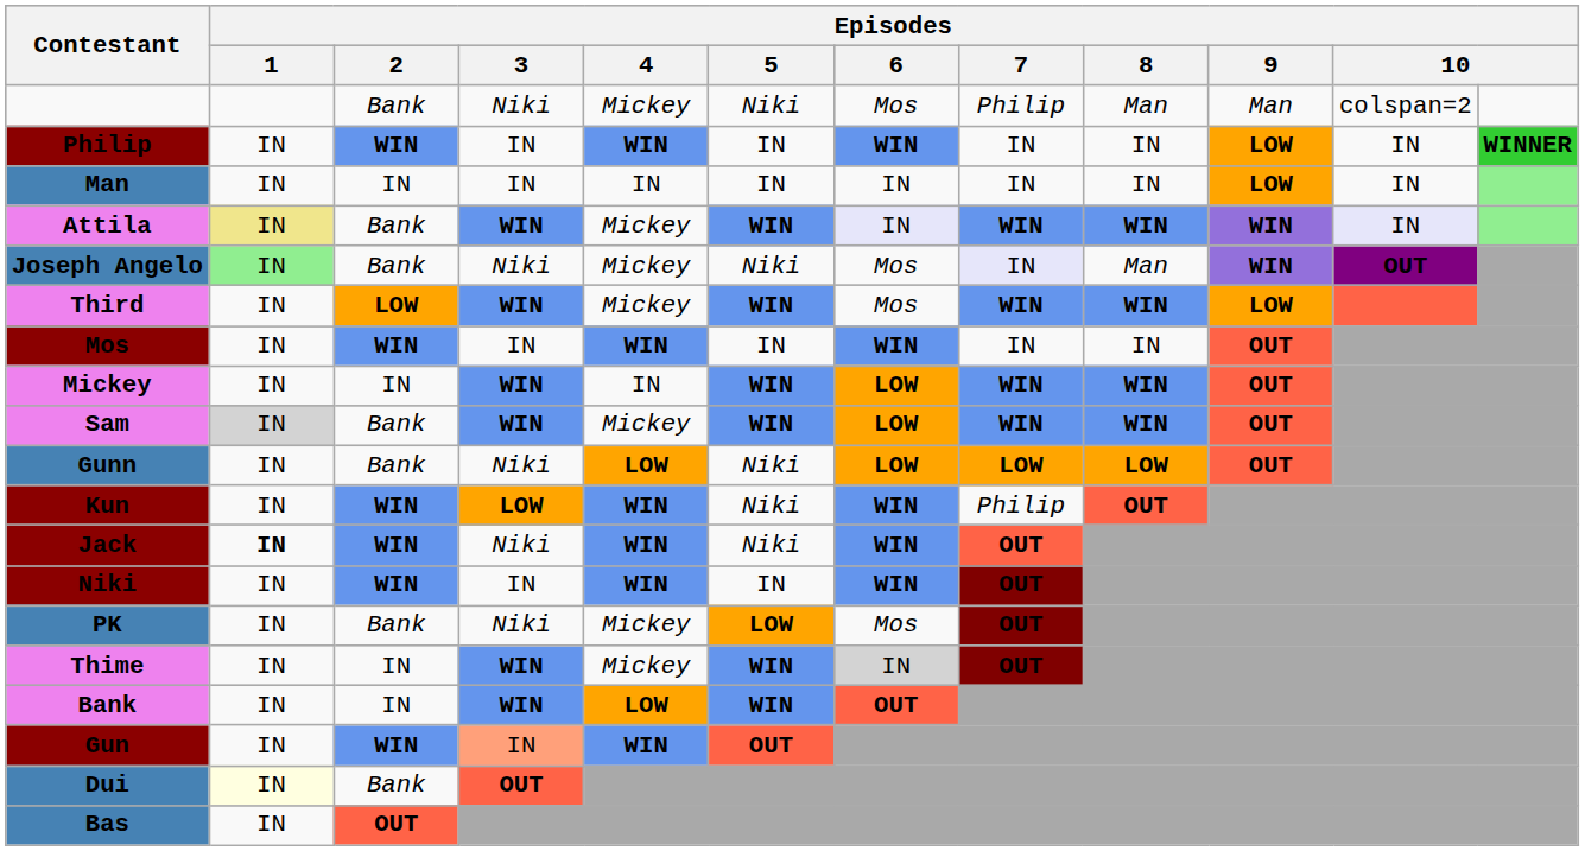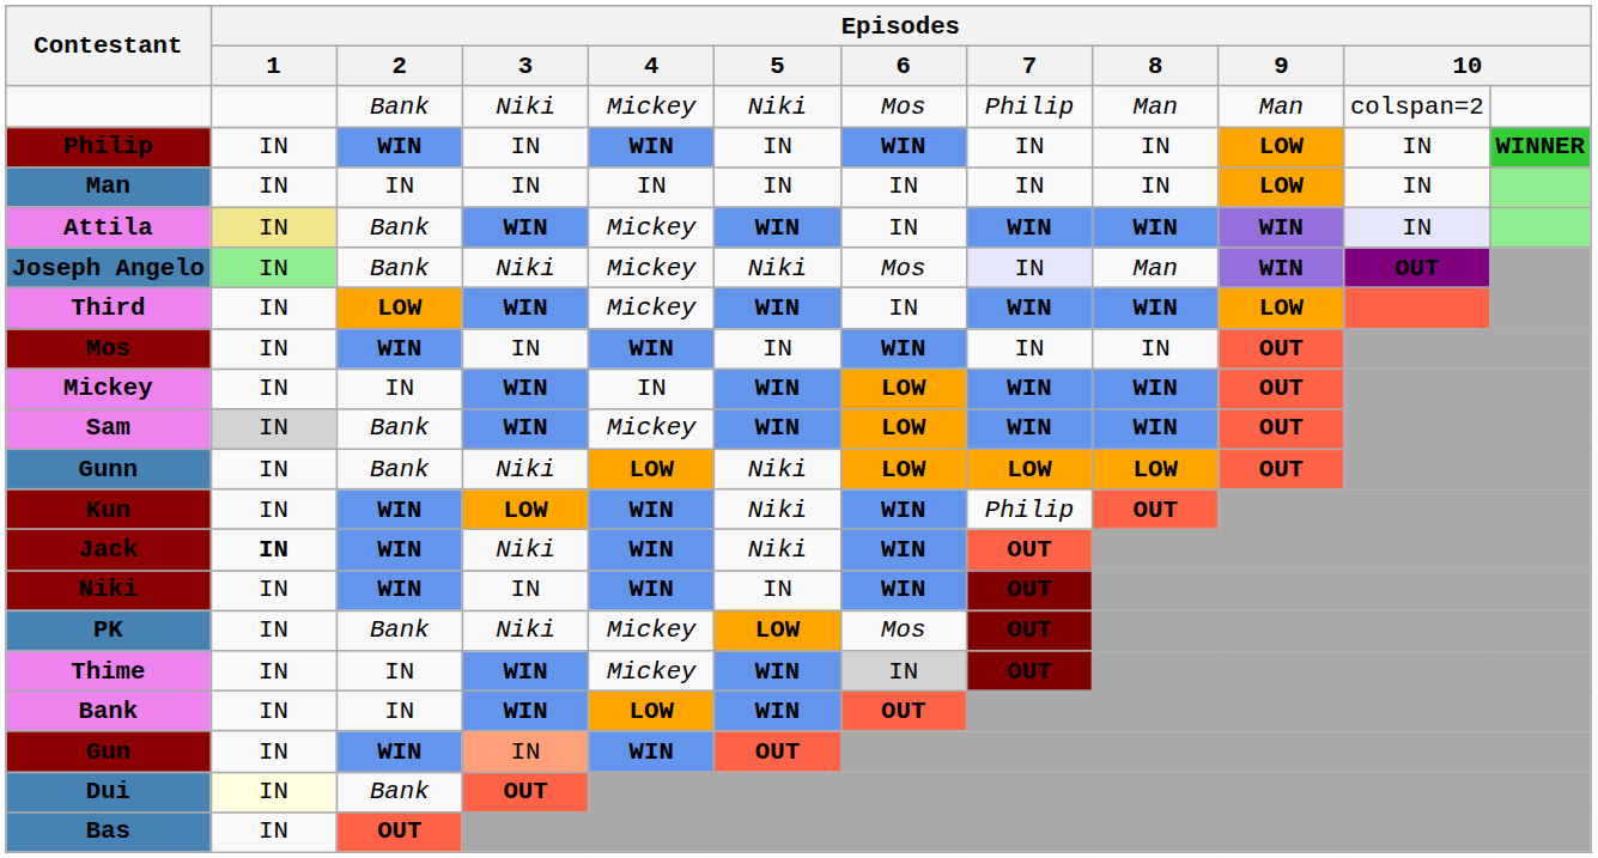 <table class="wikitable" style="text-align:center;">
 <tr>
 <th rowspan=2>Contestant</th>
 <th colspan=11>Episodes</th>
 </tr>
 <tr>
 <th style="width:60px;">1</th>
 <th style="width:60px;">2</th>
 <th style="width:60px;">3</th>
 <th style="width:60px;">4</th>
 <th style="width:60px;">5</th>
 <th style="width:60px;">6</th>
 <th style="width:60px;">7</th>
 <th style="width:60px;">8</th>
 <th style="width:60px;">9</th>
 <th colspan=2>10</th>
 </tr>
 <tr>
 <td></td>
 <td></td>
 <td><em>Bank</em></td>
 <td><em>Niki</em></td>
 <td><em>Mickey</em></td>
 <td><em>Niki</em></td>
 <td><em>Mos</em></td>
 <td><em>Philip</em></td>
 <td><em>Man</em></td>
 <td><em>Man</em></td>
 <td>colspan=2 </td>
 </tr>
 <tr>
 <td style="background:darkred;"><span> <strong>Philip</strong></span></td>
 <td>IN</td>
 <td style="background:cornflowerblue;"><strong>WIN</strong></td>
 <td>IN</td>
 <td style="background:cornflowerblue;"><strong>WIN</strong></td>
 <td>IN</td>
 <td style="background:cornflowerblue;"><strong>WIN</strong></td>
 <td>IN</td>
 <td>IN</td>
 <td style="background:orange;"><strong>LOW</strong></td>
 <td width="60">IN</td>
 <td style="background:limegreen;"><strong>WINNER</strong></td>
 </tr>
 <tr>
 <td style="background:steelblue;"><span> <strong>Man</strong></span></td>
 <td>IN</td>
 <td>IN</td>
 <td>IN</td>
 <td>IN</td>
 <td>IN</td>
 <td>IN</td>
 <td>IN</td>
 <td>IN</td>
 <td style="background:orange;"><strong>LOW</strong></td>
 <td>IN</td>
 <td style="background:lightgreen;"></td>
 </tr>
 <tr>
 <td style="background:violet;"><strong>Attila</strong></td>
 <td style="background: khaki;">IN</td>
 <td><em>Bank</em></td>
 <td style="background:cornflowerblue;"><strong>WIN</strong></td>
 <td><em>Mickey</em></td>
 <td style="background:cornflowerblue;"><strong>WIN</strong></td>
-<td style="background: lavender;">IN</td>
+<td>IN</td>
 <td style="background:cornflowerblue;"><strong>WIN</strong></td>
 <td style="background:cornflowerblue;"><strong>WIN</strong></td>
 <td style="background:mediumpurple;"><strong>WIN</strong></td>
 <td style="background: lavender;">IN</td>
 <td style="background:lightgreen;"></td>
 </tr>
 <tr>
 <td style="background:steelblue;"><span> <strong>Joseph Angelo</strong></span></td>
 <td style="background: lightgreen;">IN</td>
 <td><em>Bank</em></td>
 <td><em>Niki</em></td>
 <td><em>Mickey</em></td>
 <td><em>Niki</em></td>
 <td><em>Mos</em></td>
 <td style="background: lavender;">IN</td>
 <td><em>Man</em></td>
 <td style="background:mediumpurple;"><strong>WIN</strong></td>
 <td style="background:purple;"><span><strong>OUT</strong></span></td>
 <td colspan="6" style="background:darkgrey;"></td>
 </tr>
 <tr>
 <td style="background:violet;"><strong>Third</strong></td>
 <td>IN</td>
 <td style="background:orange;"><strong>LOW</strong></td>
 <td style="background:cornflowerblue;"><strong>WIN</strong></td>
 <td><em>Mickey</em></td>
 <td style="background:cornflowerblue;"><strong>WIN</strong></td>
-<td><em>Mos</em></td>
+<td>IN</td>
 <td style="background:cornflowerblue;"><strong>WIN</strong></td>
 <td style="background:cornflowerblue;"><strong>WIN</strong></td>
 <td style="background:orange;"><strong>LOW</strong></td>
 <td style="background:tomato;"><strong></strong></td>
 <td colspan="6" style="background:darkgrey;"></td>
 </tr>
 <tr>
 <td style="background:darkred;"><span> <strong>Mos</strong></span></td>
 <td>IN</td>
 <td style="background:cornflowerblue;"><strong>WIN</strong></td>
 <td>IN</td>
 <td style="background:cornflowerblue;"><strong>WIN</strong></td>
 <td>IN</td>
 <td style="background:cornflowerblue;"><strong>WIN</strong></td>
 <td>IN</td>
 <td>IN</td>
 <td style="background:tomato;"><strong>OUT</strong></td>
 <td style="background:darkgrey;" colspan=4></td>
 </tr>
 <tr>
 <td style="background:violet;"><strong>Mickey</strong></td>
 <td>IN</td>
 <td>IN</td>
 <td style="background:cornflowerblue;"><strong>WIN</strong></td>
 <td>IN</td>
 <td style="background:cornflowerblue;"><strong>WIN</strong></td>
 <td style="background:orange;"><strong>LOW</strong></td>
 <td style="background:cornflowerblue;"><strong>WIN</strong></td>
 <td style="background:cornflowerblue;"><strong>WIN</strong></td>
 <td style="background:tomato;"><strong>OUT</strong></td>
 <td style="background:darkgrey;" colspan=4></td>
 </tr>
 <tr>
 <td style="background:violet;"><strong>Sam</strong></td>
 <td style="background: lightgrey;">IN</td>
 <td><em>Bank</em></td>
 <td style="background:cornflowerblue;"><strong>WIN</strong></td>
 <td><em>Mickey</em></td>
 <td style="background:cornflowerblue;"><strong>WIN</strong></td>
 <td style="background:orange;"><strong>LOW</strong></td>
 <td style="background:cornflowerblue;"><strong>WIN</strong></td>
 <td style="background:cornflowerblue;"><strong>WIN</strong></td>
 <td style="background:tomato;"><strong>OUT</strong></td>
 <td style="background:darkgrey;" colspan=4></td>
 </tr>
 <tr>
 <td style="background:steelblue;"><span><strong>Gunn</strong></span></td>
 <td>IN</td>
 <td><em>Bank</em></td>
 <td><em>Niki</em></td>
 <td style="background:orange;"><strong>LOW</strong></td>
 <td><em>Niki</em></td>
 <td style="background:orange;"><strong>LOW</strong></td>
 <td style="background:orange;"><strong>LOW</strong></td>
 <td style="background:orange;"><strong>LOW</strong></td>
 <td style="background:tomato;"><strong>OUT</strong></td>
 <td style="background:darkgrey;" colspan=4></td>
 </tr>
 <tr>
 <td style="background:darkred;"><span> <strong>Kun</strong></span></td>
 <td>IN</td>
 <td style="background:cornflowerblue;"><strong>WIN</strong></td>
 <td style="background:orange;"><strong>LOW</strong></td>
 <td style="background:cornflowerblue;"><strong>WIN</strong></td>
 <td><em>Niki</em></td>
 <td style="background:cornflowerblue;"><strong>WIN</strong></td>
 <td><em>Philip</em></td>
 <td style="background:tomato;"><strong>OUT</strong></td>
 <td style="background:darkgrey;" colspan=3></td>
 </tr>
 <tr>
 <td style="background:darkred;"><span> <strong>Jack</strong></span></td>
 <td><strong>IN</strong></td>
 <td style="background:cornflowerblue;"><strong>WIN</strong></td>
 <td><em>Niki</em></td>
 <td style="background:cornflowerblue;"><strong>WIN</strong></td>
 <td><em>Niki</em></td>
 <td style="background:cornflowerblue;"><strong>WIN</strong></td>
 <td style="background:tomato;"><strong>OUT</strong></td>
 <td style="background:darkgrey;" colspan=4></td>
 </tr>
 <tr>
 <td style="background:darkred;"><span> <strong>Niki</strong></span></td>
 <td>IN</td>
 <td style="background:cornflowerblue;"><strong>WIN</strong></td>
 <td>IN</td>
 <td style="background:cornflowerblue;"><strong>WIN</strong></td>
 <td>IN</td>
 <td style="background:cornflowerblue;"><strong>WIN</strong></td>
 <td style="background:maroon;"><span><strong>OUT</strong></span></td>
 <td style="background:darkgrey;" colspan=4></td>
 </tr>
 <tr>
 <td style="background:steelblue;"><span><strong>PK</strong></span></td>
 <td>IN</td>
 <td><em>Bank</em></td>
 <td><em>Niki</em></td>
 <td><em>Mickey</em></td>
 <td style="background:orange;"><strong>LOW</strong></td>
 <td><em>Mos</em></td>
 <td style="background:maroon;"><span><strong>OUT</strong></span></td>
 <td style="background:darkgrey;" colspan=4></td>
 </tr>
 <tr>
 <td style="background:violet;"><strong>Thime</strong></td>
 <td>IN</td>
 <td>IN</td>
 <td style="background:cornflowerblue;"><strong>WIN</strong></td>
 <td><em>Mickey</em></td>
 <td style="background:cornflowerblue;"><strong>WIN</strong></td>
 <td style="background: lightgrey;">IN</td>
 <td style="background:maroon;"><span><strong>OUT</strong></span></td>
 <td style="background:darkgrey;" colspan=4></td>
 </tr>
 <tr>
 <td style="background:violet;"><strong>Bank</strong></td>
 <td>IN</td>
 <td>IN</td>
 <td style="background:cornflowerblue;"><strong>WIN</strong></td>
 <td style="background:orange;"><strong>LOW</strong></td>
 <td style="background:cornflowerblue;"><strong>WIN</strong></td>
 <td style="background:tomato;"><strong>OUT</strong></td>
 <td style="background:darkgrey;" colspan=5></td>
 </tr>
 <tr>
 <td style="background:darkred;"><span> <strong>Gun</strong></span></td>
 <td>IN</td>
 <td style="background:cornflowerblue;"><strong>WIN</strong></td>
 <td style="background: lightsalmon;">IN</td>
 <td style="background:cornflowerblue;"><strong>WIN</strong></td>
 <td style="background:tomato;"><strong>OUT</strong></td>
 <td style="background:darkgrey;" colspan=6></td>
 </tr>
 <tr>
 <td style="background:steelblue;"><span><strong>Dui</strong></span></td>
 <td style="background: lightyellow;">IN</td>
 <td><em>Bank</em></td>
 <td style="background:tomato;"><strong>OUT</strong></td>
 <td style="background:darkgrey;" colspan=8></td>
 </tr>
 <tr>
 <td style="background:steelblue;"><span><strong>Bas</strong></span></td>
 <td>IN</td>
 <td style="background:tomato;"><strong>OUT</strong></td>
 <td style="background:darkgrey;" colspan=9></td>
 </tr>
 </table>
